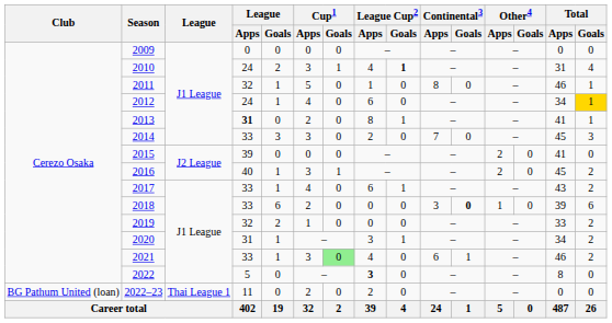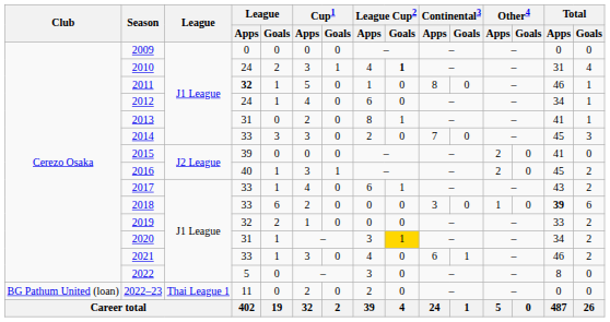 <table class="wikitable" style="text-align:center;">
 <tr>
 <th rowspan="2">Club</th>
 <th rowspan="2">Season</th>
 <th rowspan="2">League</th>
 <th colspan="2">League</th>
 <th colspan="2">Cup<sup><a href='#'>1</a></sup></th>
 <th colspan="2">League Cup<sup><a href='#'>2</a></sup></th>
 <th colspan="2">Continental<sup><a href='#'>3</a></sup></th>
 <th colspan="2">Other<sup><a href='#'>4</a></sup></th>
 <th colspan="2">Total</th>
 </tr>
 <tr>
 <th>Apps</th>
 <th>Goals</th>
 <th>Apps</th>
 <th>Goals</th>
 <th>Apps</th>
 <th>Goals</th>
 <th>Apps</th>
 <th>Goals</th>
 <th>Apps</th>
 <th>Goals</th>
 <th>Apps</th>
 <th>Goals</th>
 </tr>
 <tr>
 <td rowspan="14"><a href='#'>Cerezo Osaka</a></td>
 <td><a href='#'>2009</a></td>
 <td rowspan="6"><a href='#'>J1 League</a></td>
 <td>0</td>
 <td>0</td>
 <td>0</td>
 <td>0</td>
 <td colspan="2">–</td>
 <td colspan="2">–</td>
 <td colspan="2">–</td>
 <td>0</td>
 <td>0</td>
 </tr>
 <tr>
 <td><a href='#'>2010</a></td>
 <td>24</td>
 <td>2</td>
 <td>3</td>
 <td>1</td>
 <td>4</td>
 <td><strong>1</strong></td>
 <td colspan="2">–</td>
 <td colspan="2">–</td>
 <td>31</td>
 <td>4</td>
 </tr>
 <tr>
 <td><a href='#'>2011</a></td>
-<td>32</td>
+<td><strong>32</strong></td>
 <td>1</td>
 <td>5</td>
 <td>0</td>
 <td>1</td>
 <td>0</td>
 <td>8</td>
 <td>0</td>
 <td colspan="2">–</td>
 <td>46</td>
 <td>1</td>
 </tr>
 <tr>
 <td><a href='#'>2012</a></td>
 <td>24</td>
 <td>1</td>
 <td>4</td>
 <td>0</td>
 <td>6</td>
 <td>0</td>
 <td colspan="2">–</td>
 <td colspan="2">–</td>
 <td>34</td>
-<td style="background: gold;">1</td>
+<td>1</td>
 </tr>
 <tr>
 <td><a href='#'>2013</a></td>
-<td><strong>31</strong></td>
+<td>31</td>
 <td>0</td>
 <td>2</td>
 <td>0</td>
 <td>8</td>
 <td>1</td>
 <td colspan="2">–</td>
 <td colspan="2">–</td>
 <td>41</td>
 <td>1</td>
 </tr>
 <tr>
 <td><a href='#'>2014</a></td>
 <td>33</td>
 <td>3</td>
 <td>3</td>
 <td>0</td>
 <td>2</td>
 <td>0</td>
 <td>7</td>
 <td>0</td>
 <td colspan="2">–</td>
 <td>45</td>
 <td>3</td>
 </tr>
 <tr>
 <td><a href='#'>2015</a></td>
 <td rowspan="2"><a href='#'>J2 League</a></td>
 <td>39</td>
 <td>0</td>
 <td>0</td>
 <td>0</td>
 <td colspan="2">–</td>
 <td colspan="2">–</td>
 <td>2</td>
 <td>0</td>
 <td>41</td>
 <td>0</td>
 </tr>
 <tr>
 <td><a href='#'>2016</a></td>
 <td>40</td>
 <td>1</td>
 <td>3</td>
 <td>1</td>
 <td colspan="2">–</td>
 <td colspan="2">–</td>
 <td>2</td>
 <td>0</td>
 <td>45</td>
 <td>2</td>
 </tr>
 <tr>
 <td><a href='#'>2017</a></td>
 <td rowspan="6">J1 League</td>
 <td>33</td>
 <td>1</td>
 <td>4</td>
 <td>0</td>
 <td>6</td>
 <td>1</td>
 <td colspan="2">–</td>
 <td colspan="2">–</td>
 <td>43</td>
 <td>2</td>
 </tr>
 <tr>
 <td><a href='#'>2018</a></td>
 <td>33</td>
 <td>6</td>
 <td>2</td>
 <td>0</td>
 <td>0</td>
 <td>0</td>
 <td>3</td>
-<td><strong>0</strong></td>
+<td>0</td>
 <td>1</td>
 <td>0</td>
-<td>39</td>
+<td><strong>39</strong></td>
 <td>6</td>
 </tr>
 <tr>
 <td><a href='#'>2019</a></td>
 <td>32</td>
 <td>2</td>
 <td>1</td>
 <td>0</td>
 <td>0</td>
 <td>0</td>
 <td colspan="2">–</td>
 <td colspan="2">–</td>
 <td>33</td>
 <td>2</td>
 </tr>
 <tr>
 <td><a href='#'>2020</a></td>
 <td>31</td>
 <td>1</td>
 <td colspan="2">–</td>
 <td>3</td>
-<td>1</td>
+<td style="background: gold;">1</td>
 <td colspan="2">–</td>
 <td colspan="2">–</td>
 <td>34</td>
 <td>2</td>
 </tr>
 <tr>
 <td><a href='#'>2021</a></td>
 <td>33</td>
 <td>1</td>
 <td>3</td>
-<td style="background: lightgreen;">0</td>
+<td>0</td>
 <td>4</td>
 <td>0</td>
 <td>6</td>
 <td>1</td>
 <td colspan="2">–</td>
 <td>46</td>
 <td>2</td>
 </tr>
 <tr>
 <td><a href='#'>2022</a></td>
 <td>5</td>
 <td>0</td>
 <td colspan="2">–</td>
-<td><strong>3</strong></td>
+<td>3</td>
 <td>0</td>
 <td colspan="2">–</td>
 <td colspan="2">–</td>
 <td>8</td>
 <td>0</td>
 </tr>
 <tr>
 <td><a href='#'>BG Pathum United</a> (loan)</td>
 <td><a href='#'>2022–23</a></td>
 <td><a href='#'>Thai League 1</a></td>
 <td>11</td>
 <td>0</td>
 <td>2</td>
 <td>0</td>
 <td>2</td>
 <td>0</td>
 <td colspan="2">–</td>
 <td colspan="2">–</td>
 <td>0</td>
 <td>0</td>
 </tr>
 <tr>
 <th colspan="3">Career total</th>
 <th>402</th>
 <th>19</th>
 <th>32</th>
 <th>2</th>
 <th>39</th>
 <th>4</th>
 <th>24</th>
 <th>1</th>
 <th>5</th>
 <th>0</th>
 <th>487</th>
 <th>26</th>
 </tr>
 </table>
